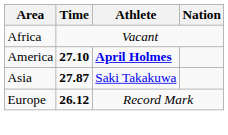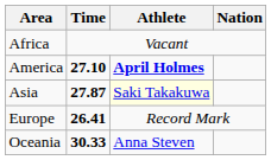 <table class="wikitable">
 <tr>
 <th>Area</th>
 <th>Time</th>
 <th>Athlete</th>
 <th>Nation</th>
 </tr>
 <tr>
 <td>Africa</td>
 <td colspan="3" align="center"><em>Vacant</em></td>
 </tr>
 <tr>
 <td>America</td>
 <td><strong>27.10</strong></td>
 <td><strong><a href='#'>April Holmes</a></strong></td>
 <td></td>
 </tr>
 <tr>
 <td>Asia</td>
 <td><strong>27.87</strong></td>
-<td><a href='#'>Saki Takakuwa</a></td>
+<td style="background: lightyellow;"><a href='#'>Saki Takakuwa</a></td>
 <td></td>
 </tr>
 <tr>
 <td>Europe</td>
-<td><strong>26.12</strong> </td>
+<td><strong>26.41</strong> </td>
 <td colspan="2" align="center"><em>Record Mark</em></td>
 </tr>
+<tr>
+<td>Oceania</td>
+<td><strong>30.33</strong></td>
+<td><a href='#'>Anna Steven</a></td>
+<td></td>
+</tr>
 </table>
